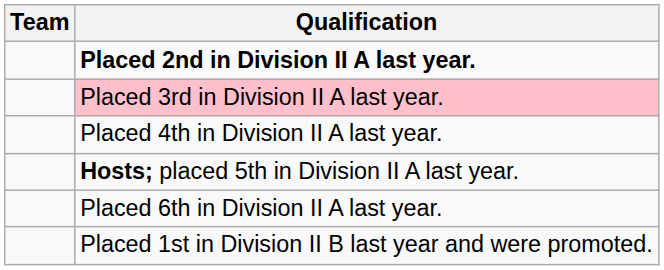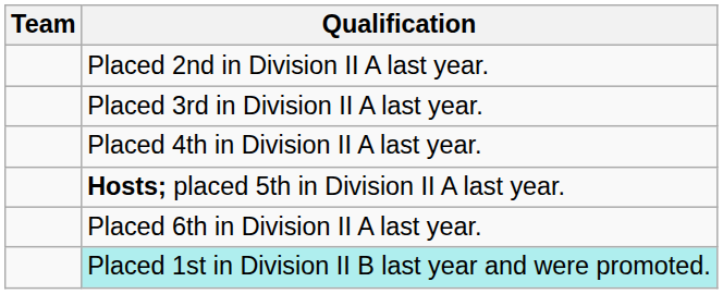 <table class="wikitable">
 <tr>
 <th>Team</th>
 <th>Qualification</th>
 </tr>
 <tr>
 <td></td>
-<td><strong>Placed 2nd in Division II A last year.</strong></td>
+<td>Placed 2nd in Division II A last year.</td>
 </tr>
 <tr>
 <td></td>
-<td style="background: pink;">Placed 3rd in Division II A last year.</td>
+<td>Placed 3rd in Division II A last year.</td>
 </tr>
 <tr>
 <td></td>
 <td>Placed 4th in Division II A last year.</td>
 </tr>
 <tr>
 <td></td>
 <td><strong>Hosts;</strong> placed 5th in Division II A last year.</td>
 </tr>
 <tr>
 <td></td>
 <td>Placed 6th in Division II A last year.</td>
 </tr>
 <tr>
 <td></td>
-<td>Placed 1st in Division II B last year and were promoted.</td>
+<td style="background: paleturquoise;">Placed 1st in Division II B last year and were promoted.</td>
 </tr>
 </table>
